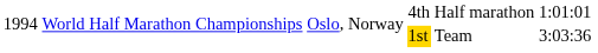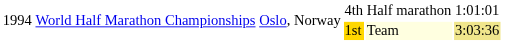 <table>
 <tr>
 <td rowspan=2>1994</td>
 <td rowspan=2><a href='#'>World Half Marathon Championships</a></td>
 <td rowspan=2><a href='#'>Oslo</a>, Norway</td>
 <td>4th</td>
 <td>Half marathon</td>
 <td>1:01:01</td>
 </tr>
 <tr>
 <td bgcolor=gold>1st</td>
-<td>Team</td>
-<td>3:03:36</td>
+<td style="background: lightyellow;">Team</td>
+<td style="background: khaki;">3:03:36</td>
 </tr>
 </table>
